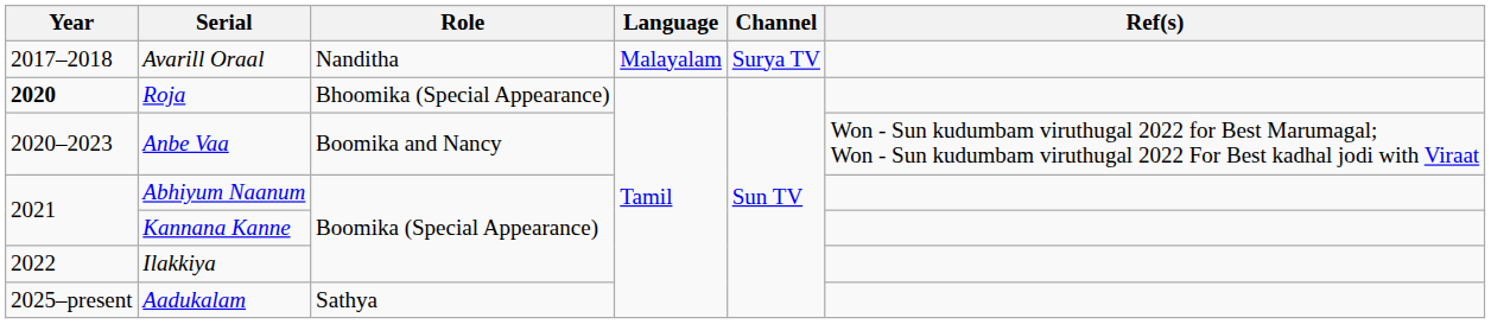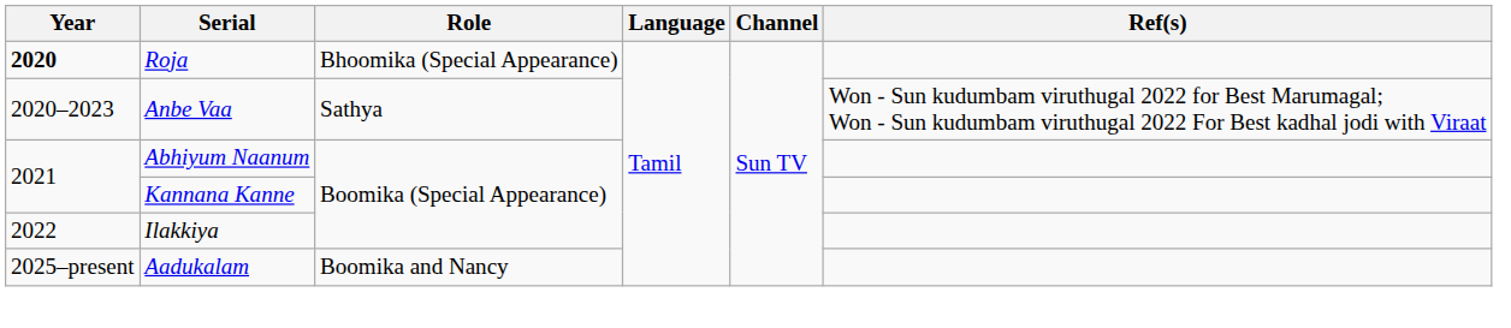 <table class="wikitable">
 <tr>
 <th>Year</th>
 <th>Serial</th>
 <th>Role</th>
 <th>Language</th>
 <th>Channel</th>
 <th>Ref(s)</th>
-</tr>
-<tr>
-<td>2017–2018</td>
-<td><em>Avarill Oraal</em></td>
-<td>Nanditha</td>
-<td><a href='#'>Malayalam</a></td>
-<td><a href='#'>Surya TV</a></td>
-<td></td>
 </tr>
 <tr>
 <td><strong>2020</strong></td>
 <td><em><a href='#'>Roja</a></em></td>
 <td>Bhoomika (Special Appearance)</td>
 <td rowspan="6"><a href='#'>Tamil</a></td>
 <td rowspan="6"><a href='#'>Sun TV</a></td>
 <td></td>
 </tr>
 <tr>
 <td>2020–2023</td>
 <td><em><a href='#'>Anbe Vaa</a></em></td>
-<td>Boomika and Nancy</td>
+<td>Sathya</td>
 <td> Won - Sun kudumbam viruthugal 2022 for Best Marumagal;<br>Won - Sun kudumbam viruthugal 2022 For Best kadhal jodi with <a href='#'>Viraat</a> </td>
 </tr>
 <tr>
 <td rowspan="2">2021</td>
 <td><em><a href='#'>Abhiyum Naanum</a></em></td>
 <td rowspan="3">Boomika (Special Appearance)</td>
 <td></td>
 </tr>
 <tr>
 <td><em><a href='#'>Kannana Kanne</a></em></td>
 <td></td>
 </tr>
 <tr>
 <td>2022</td>
 <td><em>Ilakkiya</em></td>
 <td></td>
 </tr>
 <tr>
 <td>2025–present</td>
 <td><em><a href='#'>Aadukalam</a></em></td>
-<td>Sathya</td>
+<td>Boomika and Nancy</td>
 <td></td>
 </tr>
 </table>
